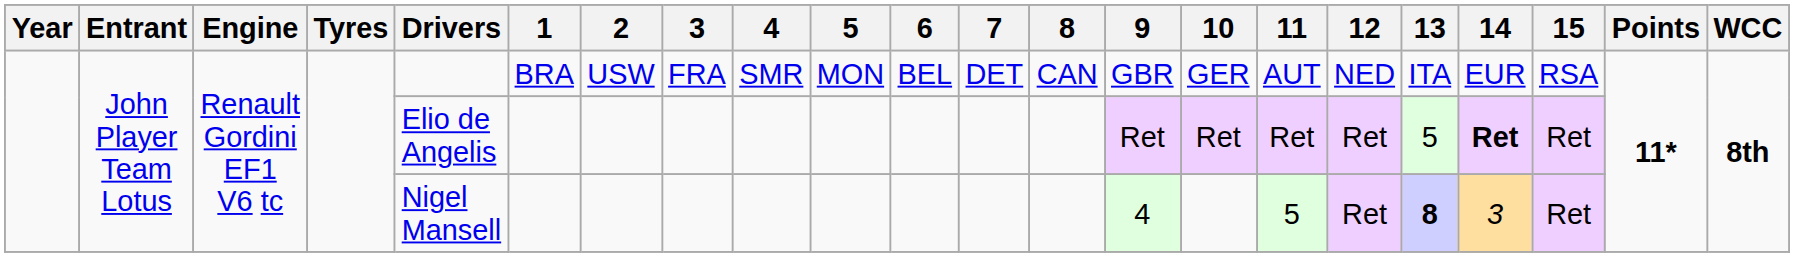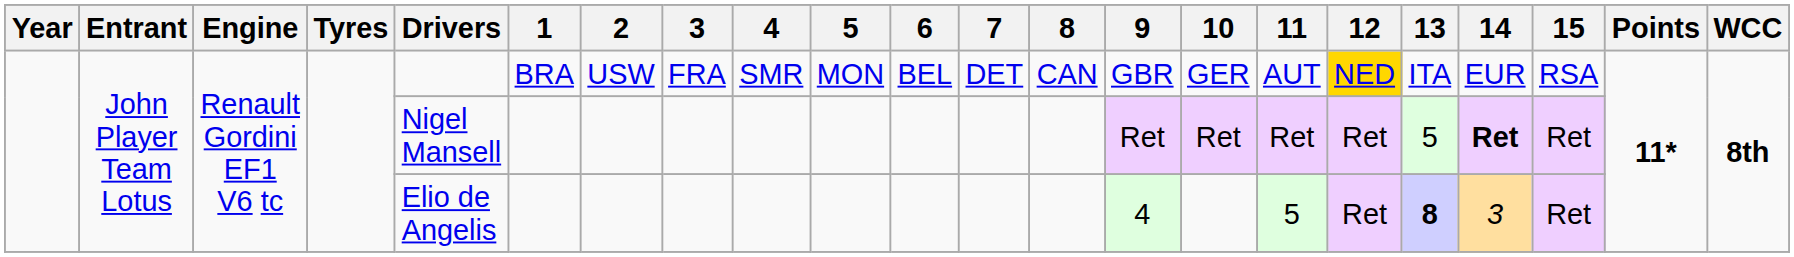 <table class="wikitable" style="text-align:center; font-size:95%">
 <tr>
 <th>Year</th>
 <th>Entrant</th>
 <th>Engine</th>
 <th>Tyres</th>
 <th>Drivers</th>
 <th>1</th>
 <th>2</th>
 <th>3</th>
 <th>4</th>
 <th>5</th>
 <th>6</th>
 <th>7</th>
 <th>8</th>
 <th>9</th>
 <th>10</th>
 <th>11</th>
 <th>12</th>
 <th>13</th>
 <th>14</th>
 <th>15</th>
 <th>Points</th>
 <th>WCC</th>
 </tr>
 <tr>
 <td rowspan="3"></td>
 <td rowspan="3"><a href='#'>John Player</a> <a href='#'>Team Lotus</a></td>
 <td rowspan="3"><a href='#'>Renault Gordini</a> <a href='#'>EF1</a><br><a href='#'>V6</a> <a href='#'>tc</a></td>
 <td rowspan="3"></td>
 <td></td>
 <td><a href='#'>BRA</a></td>
 <td><a href='#'>USW</a></td>
 <td><a href='#'>FRA</a></td>
 <td><a href='#'>SMR</a></td>
 <td><a href='#'>MON</a></td>
 <td><a href='#'>BEL</a></td>
 <td><a href='#'>DET</a></td>
 <td><a href='#'>CAN</a></td>
 <td><a href='#'>GBR</a></td>
 <td><a href='#'>GER</a></td>
 <td><a href='#'>AUT</a></td>
-<td><a href='#'>NED</a></td>
+<td style="background: gold;"><a href='#'>NED</a></td>
 <td><a href='#'>ITA</a></td>
 <td><a href='#'>EUR</a></td>
 <td><a href='#'>RSA</a></td>
 <td rowspan="3"><strong>11*</strong></td>
 <td rowspan="3"><strong>8th</strong></td>
 </tr>
 <tr>
-<td align="left"><a href='#'>Elio de Angelis</a></td>
+<td align="left"><a href='#'>Nigel Mansell</a></td>
 <td></td>
 <td></td>
 <td></td>
 <td></td>
 <td></td>
 <td></td>
 <td></td>
 <td></td>
 <td style="background:#efcfff;">Ret</td>
 <td style="background:#efcfff;">Ret</td>
 <td style="background:#efcfff;">Ret</td>
 <td style="background:#efcfff;">Ret</td>
 <td style="background:#dfffdf;">5</td>
 <td style="background:#efcfff;"><strong>Ret</strong></td>
 <td style="background:#efcfff;">Ret</td>
 </tr>
 <tr>
-<td align="left"><a href='#'>Nigel Mansell</a></td>
+<td align="left"><a href='#'>Elio de Angelis</a></td>
 <td></td>
 <td></td>
 <td></td>
 <td></td>
 <td></td>
 <td></td>
 <td></td>
 <td></td>
 <td style="background:#dfffdf;">4</td>
 <td></td>
 <td style="background:#dfffdf;">5</td>
 <td style="background:#efcfff;">Ret</td>
 <td style="background:#cfcfff;"><strong>8</strong></td>
 <td style="background:#ffdf9f;"><em>3</em></td>
 <td style="background:#efcfff;">Ret</td>
 </tr>
 </table>
